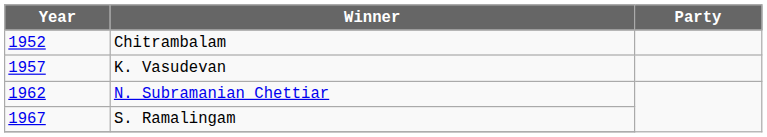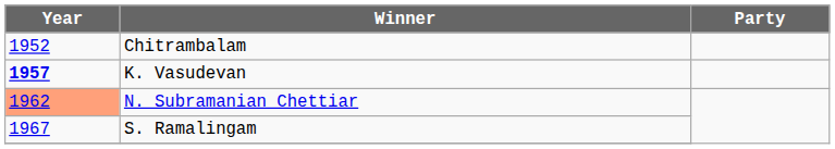 <table class="wikitable" width="50%">
 <tr>
 <th style="background-color:#666666; color:white">Year</th>
 <th style="background-color:#666666; color:white">Winner</th>
 <th style="background-color:#666666; color:white" colspan="2">Party</th>
 </tr>
 <tr>
 <td><a href='#'>1952</a></td>
 <td>Chitrambalam</td>
 <td></td>
 </tr>
 <tr>
-<td><a href='#'>1957</a></td>
+<td><strong><a href='#'>1957</a></strong></td>
 <td>K. Vasudevan</td>
 <td></td>
 </tr>
 <tr>
-<td><a href='#'>1962</a></td>
+<td style="background: lightsalmon;"><a href='#'>1962</a></td>
 <td><a href='#'>N. Subramanian Chettiar</a></td>
 </tr>
 <tr>
 <td><a href='#'>1967</a></td>
 <td>S. Ramalingam</td>
 </tr>
 <tr>
 </tr>
 </table>
